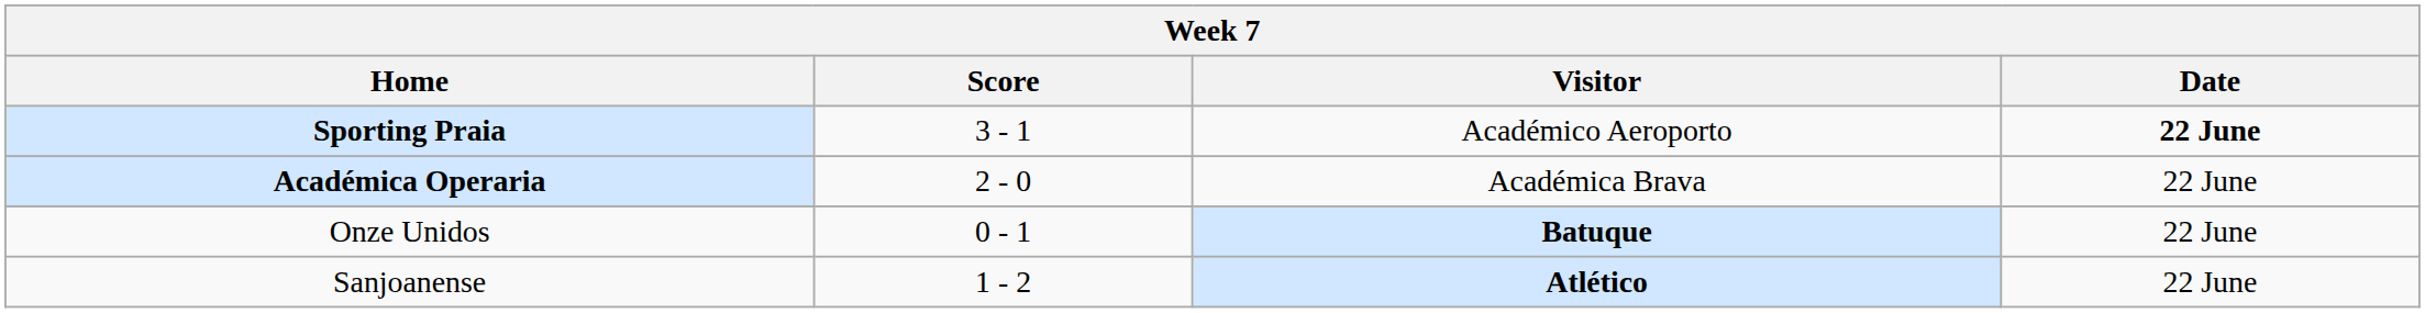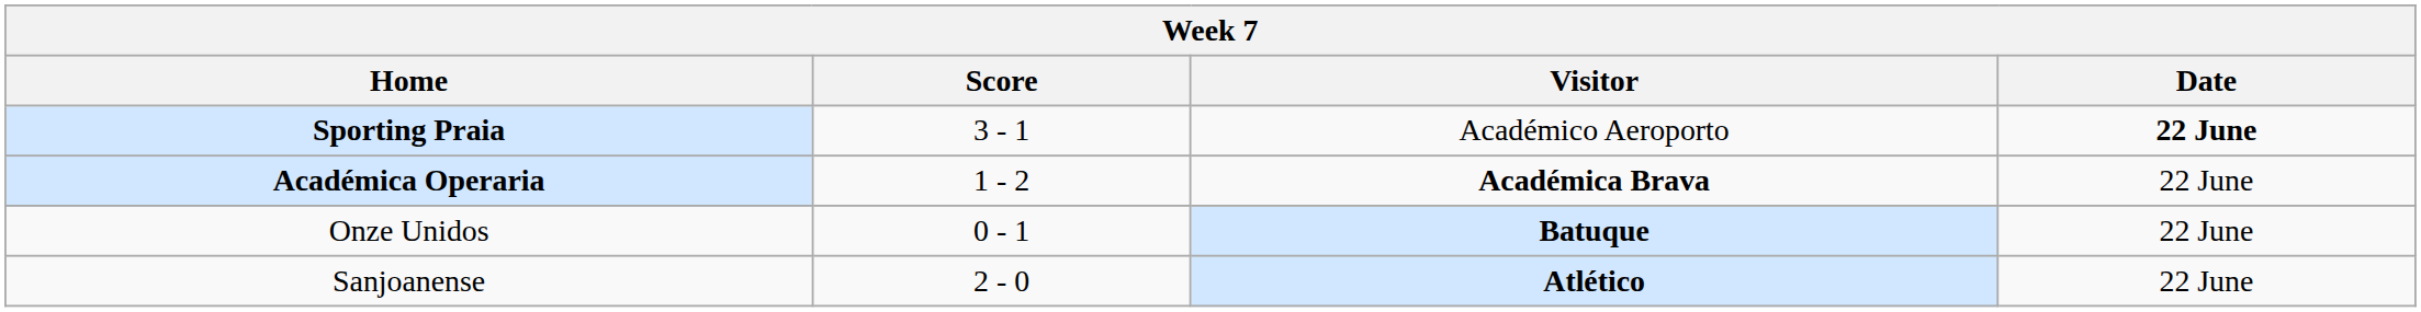 <table class="wikitable" style="font-size:95%; text-align: center; width: 95%;">
 <tr>
 <th colspan="12" style="with: 100%;" align=center>Week 7</th>
 </tr>
 <tr>
 <th width="200">Home</th>
 <th width="90">Score</th>
 <th width="200">Visitor</th>
 <th width="100">Date</th>
 </tr>
 <tr align=center>
 <td bgcolor=#D0E7FF><strong>Sporting Praia</strong></td>
 <td>3 - 1</td>
 <td>Académico Aeroporto</td>
 <td><strong>22 June</strong></td>
 </tr>
 <tr align=center>
 <td bgcolor=#D0E7FF><strong>Académica Operaria</strong></td>
-<td>2 - 0</td>
-<td>Académica Brava</td>
+<td>1 - 2</td>
+<td><strong>Académica Brava</strong></td>
 <td>22 June</td>
 </tr>
 <tr align=center>
 <td>Onze Unidos</td>
 <td>0 - 1</td>
 <td bgcolor=#D0E7FF><strong>Batuque</strong></td>
 <td>22 June</td>
 </tr>
 <tr align=center>
 <td>Sanjoanense</td>
-<td>1 - 2</td>
+<td>2 - 0</td>
 <td bgcolor=#D0E7FF><strong>Atlético</strong></td>
 <td>22 June</td>
 </tr>
 </table>
